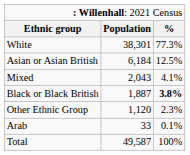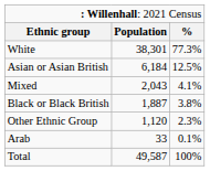 <table class="wikitable">
 <tr>
 <td colspan="14" style="text-align:right;"><strong>: Willenhall</strong>: 2021 Census</td>
 </tr>
 <tr>
 <th>Ethnic group</th>
 <th>Population</th>
 <th>%</th>
 </tr>
 <tr>
 <td>White</td>
 <td style="text-align:right;">38,301</td>
 <td style="text-align:right;">77.3%</td>
 </tr>
 <tr>
 <td>Asian or Asian British</td>
 <td style="text-align:right;">6,184</td>
 <td style="text-align:right;">12.5%</td>
 </tr>
 <tr>
 <td>Mixed</td>
 <td style="text-align:right;">2,043</td>
 <td style="text-align:right;">4.1%</td>
 </tr>
 <tr>
 <td>Black or Black British</td>
 <td style="text-align:right;">1,887</td>
-<td style="text-align:right;"><strong>3.8%</strong></td>
+<td style="text-align:right;">3.8%</td>
 </tr>
 <tr>
 <td>Other Ethnic Group</td>
 <td style="text-align:right;">1,120</td>
 <td style="text-align:right;">2.3%</td>
 </tr>
 <tr>
 <td>Arab</td>
 <td style="text-align:right;">33</td>
 <td style="text-align:right;">0.1%</td>
 </tr>
 <tr>
 <td>Total</td>
 <td style="text-align:right;">49,587</td>
 <td style="text-align:right;">100%</td>
 </tr>
 </table>
